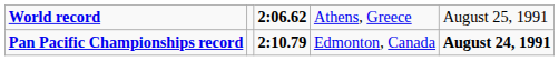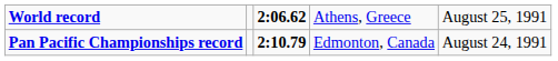 <table class="wikitable">
 <tr>
 <td><strong><a href='#'>World record</a></strong></td>
 <td></td>
 <td><strong>2:06.62</strong></td>
 <td><a href='#'>Athens</a>, <a href='#'>Greece</a></td>
 <td>August 25, 1991</td>
 </tr>
 <tr>
 <td><strong><a href='#'>Pan Pacific Championships record</a></strong></td>
 <td></td>
 <td><strong>2:10.79</strong></td>
 <td><a href='#'>Edmonton</a>, <a href='#'>Canada</a></td>
-<td><strong>August 24, 1991</strong></td>
+<td>August 24, 1991</td>
 </tr>
 </table>
